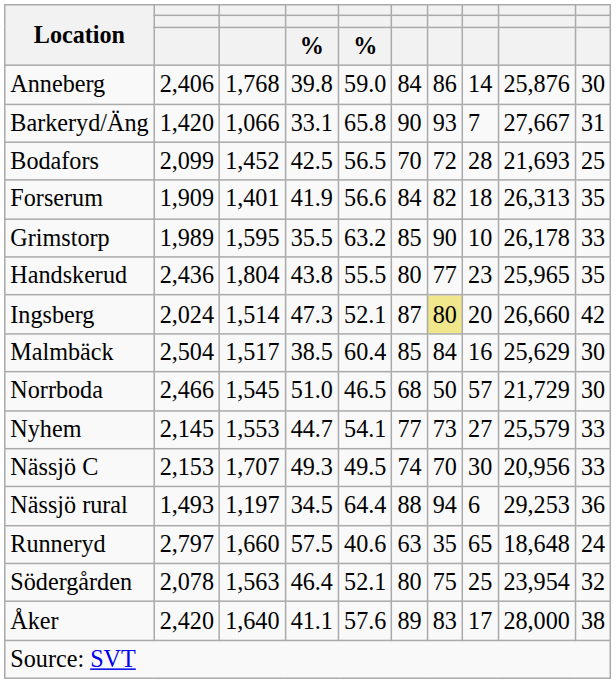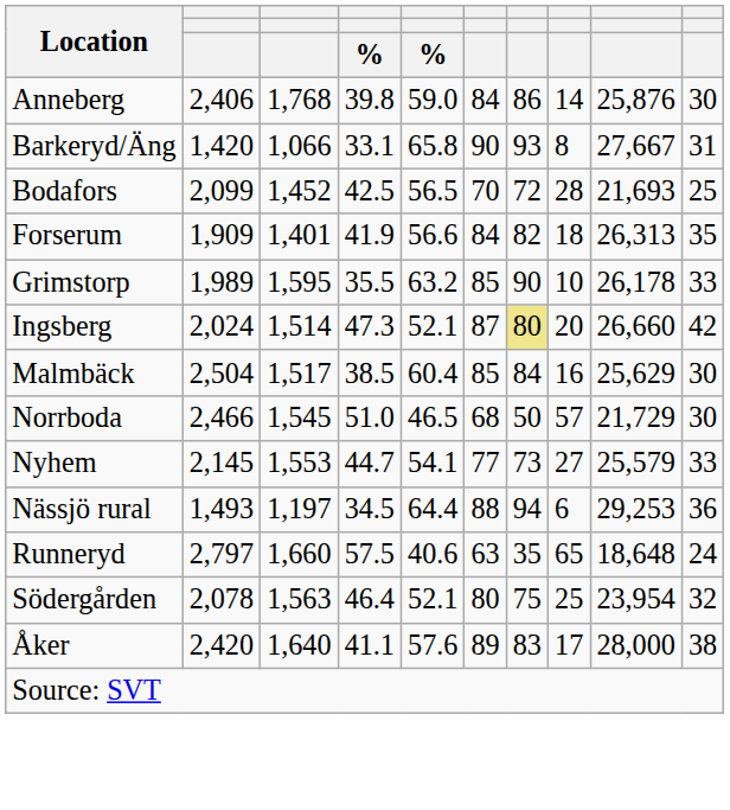 <table role="presentation" class="wikitable sortable mw-collapsible">
 <tr>
 <th rowspan="3">Location</th>
 <th></th>
 <th></th>
 <th></th>
 <th></th>
 <th></th>
 <th></th>
 <th></th>
 <th></th>
 <th></th>
 </tr>
 <tr>
 <th></th>
 <th></th>
 <th style="background:"></th>
 <th style="background:"></th>
 <th></th>
 <th></th>
 <th></th>
 <th></th>
 <th></th>
 </tr>
 <tr>
 <th data-sort-type="number"></th>
 <th data-sort-type="number"></th>
 <th data-sort-type="number">%</th>
 <th data-sort-type="number">%</th>
 <th data-sort-type="number"></th>
 <th data-sort-type="number"></th>
 <th data-sort-type="number"></th>
 <th data-sort-type="number"></th>
 <th data-sort-type="number"></th>
 </tr>
 <tr>
 <td align="left">Anneberg</td>
 <td>2,406</td>
 <td>1,768</td>
 <td>39.8</td>
 <td>59.0</td>
 <td>84</td>
 <td>86</td>
 <td>14</td>
 <td>25,876</td>
 <td>30</td>
 </tr>
 <tr>
 <td align="left">Barkeryd/Äng</td>
 <td>1,420</td>
 <td>1,066</td>
 <td>33.1</td>
 <td>65.8</td>
 <td>90</td>
 <td>93</td>
-<td>7</td>
+<td>8</td>
 <td>27,667</td>
 <td>31</td>
 </tr>
 <tr>
 <td align="left">Bodafors</td>
 <td>2,099</td>
 <td>1,452</td>
 <td>42.5</td>
 <td>56.5</td>
 <td>70</td>
 <td>72</td>
 <td>28</td>
 <td>21,693</td>
 <td>25</td>
 </tr>
 <tr>
 <td align="left">Forserum</td>
 <td>1,909</td>
 <td>1,401</td>
 <td>41.9</td>
 <td>56.6</td>
 <td>84</td>
 <td>82</td>
 <td>18</td>
 <td>26,313</td>
 <td>35</td>
 </tr>
 <tr>
 <td align="left">Grimstorp</td>
 <td>1,989</td>
 <td>1,595</td>
 <td>35.5</td>
 <td>63.2</td>
 <td>85</td>
 <td>90</td>
 <td>10</td>
 <td>26,178</td>
 <td>33</td>
-</tr>
-<tr>
-<td align="left">Handskerud</td>
-<td>2,436</td>
-<td>1,804</td>
-<td>43.8</td>
-<td>55.5</td>
-<td>80</td>
-<td>77</td>
-<td>23</td>
-<td>25,965</td>
-<td>35</td>
 </tr>
 <tr>
 <td align="left">Ingsberg</td>
 <td>2,024</td>
 <td>1,514</td>
 <td>47.3</td>
 <td>52.1</td>
 <td>87</td>
 <td style="background: khaki;">80</td>
 <td>20</td>
 <td>26,660</td>
 <td>42</td>
 </tr>
 <tr>
 <td align="left">Malmbäck</td>
 <td>2,504</td>
 <td>1,517</td>
 <td>38.5</td>
 <td>60.4</td>
 <td>85</td>
 <td>84</td>
 <td>16</td>
 <td>25,629</td>
 <td>30</td>
 </tr>
 <tr>
 <td align="left">Norrboda</td>
 <td>2,466</td>
 <td>1,545</td>
 <td>51.0</td>
 <td>46.5</td>
 <td>68</td>
 <td>50</td>
 <td>57</td>
 <td>21,729</td>
 <td>30</td>
 </tr>
 <tr>
 <td align="left">Nyhem</td>
 <td>2,145</td>
 <td>1,553</td>
 <td>44.7</td>
 <td>54.1</td>
 <td>77</td>
 <td>73</td>
 <td>27</td>
 <td>25,579</td>
-<td>33</td>
-</tr>
-<tr>
-<td align="left">Nässjö C</td>
-<td>2,153</td>
-<td>1,707</td>
-<td>49.3</td>
-<td>49.5</td>
-<td>74</td>
-<td>70</td>
-<td>30</td>
-<td>20,956</td>
 <td>33</td>
 </tr>
 <tr>
 <td align="left">Nässjö rural</td>
 <td>1,493</td>
 <td>1,197</td>
 <td>34.5</td>
 <td>64.4</td>
 <td>88</td>
 <td>94</td>
 <td>6</td>
 <td>29,253</td>
 <td>36</td>
 </tr>
 <tr>
 <td align="left">Runneryd</td>
 <td>2,797</td>
 <td>1,660</td>
 <td>57.5</td>
 <td>40.6</td>
 <td>63</td>
 <td>35</td>
 <td>65</td>
 <td>18,648</td>
 <td>24</td>
 </tr>
 <tr>
 <td align="left">Södergården</td>
 <td>2,078</td>
 <td>1,563</td>
 <td>46.4</td>
 <td>52.1</td>
 <td>80</td>
 <td>75</td>
 <td>25</td>
 <td>23,954</td>
 <td>32</td>
 </tr>
 <tr>
 <td align="left">Åker</td>
 <td>2,420</td>
 <td>1,640</td>
 <td>41.1</td>
 <td>57.6</td>
 <td>89</td>
 <td>83</td>
 <td>17</td>
 <td>28,000</td>
 <td>38</td>
 </tr>
 <tr>
 <td colspan="10" align="left">Source: <a href='#'>SVT</a></td>
 </tr>
 </table>
